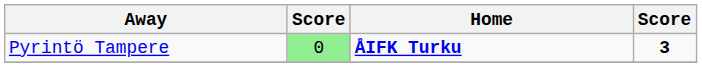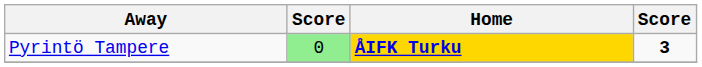 <table class="wikitable">
 <tr>
 <th width="200">Away</th>
 <th width="40">Score</th>
 <th width="200">Home</th>
 <th width="40">Score</th>
 </tr>
 <tr>
 <td><a href='#'>Pyrintö Tampere</a></td>
 <td align=center style="background: lightgreen;">0</td>
-<td><strong><a href='#'>ÅIFK Turku</a></strong></td>
+<td style="background: gold;"><strong><a href='#'>ÅIFK Turku</a></strong></td>
 <td align=center><strong>3</strong></td>
 </tr>
 <tr>
 </tr>
 </table>
